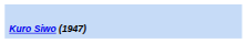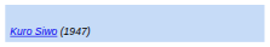 <table class="toccolours" style="float: right; margin-left: 0.5em; margin-right: 1em; font-size: 85%; background:#c6dbf7; color:black; width:25em; max-width: 35%;" cellspacing="5">
 <tr>
 <td style="text-align: left;"><br></td>
 </tr>
 <tr>
-<td style="text-align: left;"><strong><em><a href='#'>Kuro Siwo</a> (1947)</em></strong></td>
+<td style="text-align: left;"><em><a href='#'>Kuro Siwo</a> (1947)</em></td>
 </tr>
 </table>
